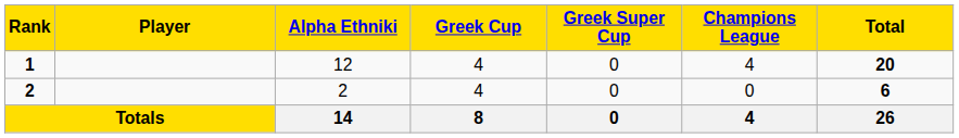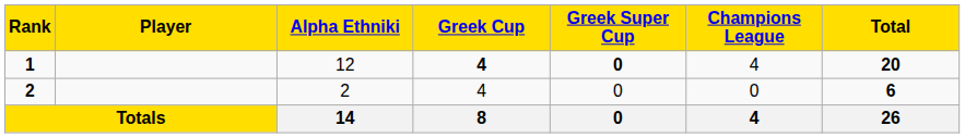 <table class="wikitable sortable" style="text-align:center">
 <tr>
 <th style="background:#FFDE00">Rank</th>
 <th width=200 style="background:#FFDE00">Player</th>
 <th width=120 style="background:#FFDE00"><a href='#'>Alpha Ethniki</a></th>
 <th width=120 style="background:#FFDE00"><a href='#'>Greek Cup</a></th>
 <th width=120 style="background:#FFDE00"><a href='#'>Greek Super Cup</a></th>
 <th width=120 style="background:#FFDE00"><a href='#'>Champions League</a></th>
 <th width=120 style="background:#FFDE00">Total</th>
 </tr>
 <tr>
 <td><strong>1</strong></td>
 <td align=left></td>
 <td>12</td>
-<td>4</td>
-<td>0</td>
+<td><strong>4</strong></td>
+<td><strong>0</strong></td>
 <td>4</td>
 <td><strong>20</strong></td>
 </tr>
 <tr>
 <td><strong>2</strong></td>
 <td align=left></td>
 <td>2</td>
 <td>4</td>
 <td>0</td>
 <td>0</td>
 <td><strong>6</strong></td>
 </tr>
 <tr class="sortbottom">
 <th colspan=2 style="background:#FFDE00"><strong>Totals</strong></th>
 <th><strong>14</strong></th>
 <th><strong> 8</strong></th>
 <th><strong> 0</strong></th>
 <th><strong> 4</strong></th>
 <th><strong>26</strong></th>
 </tr>
 </table>
